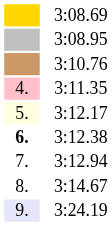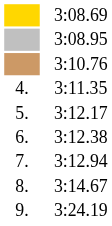 <table style="text-align:center">
 <tr>
 <td width=30 bgcolor=gold></td>
 <td align=left></td>
 <td width=60>3:08.69</td>
 </tr>
 <tr>
 <td bgcolor=silver></td>
 <td align=left></td>
 <td>3:08.95</td>
 </tr>
 <tr>
 <td bgcolor=cc9966></td>
 <td align=left></td>
 <td>3:10.76</td>
 </tr>
 <tr>
-<td style="background: pink;">4.</td>
+<td>4.</td>
 <td align=left></td>
 <td>3:11.35</td>
 </tr>
 <tr>
-<td style="background: lightyellow;">5.</td>
+<td>5.</td>
 <td align=left></td>
 <td>3:12.17</td>
 </tr>
 <tr>
-<td><strong>6.</strong></td>
+<td>6.</td>
 <td align=left></td>
 <td>3:12.38</td>
 </tr>
 <tr>
 <td>7.</td>
 <td align=left></td>
 <td>3:12.94</td>
 </tr>
 <tr>
 <td>8.</td>
 <td align=left></td>
 <td>3:14.67</td>
 </tr>
 <tr>
-<td style="background: lavender;">9.</td>
+<td>9.</td>
 <td align=left></td>
 <td>3:24.19</td>
 </tr>
 </table>
